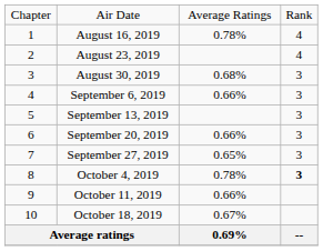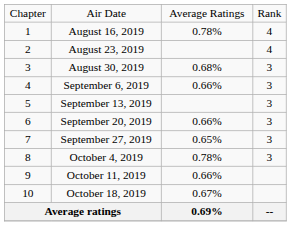 <table class="wikitable" style="text-align:center;width:45%;">
 <tr>
 <td>Chapter</td>
 <td>Air Date</td>
 <td>Average Ratings</td>
 <td>Rank</td>
 </tr>
 <tr>
 <td>1</td>
 <td>August 16, 2019</td>
 <td>0.78%</td>
 <td>4</td>
 </tr>
 <tr>
 <td>2</td>
 <td>August 23, 2019</td>
 <td><strong></strong></td>
 <td>4</td>
 </tr>
 <tr>
 <td>3</td>
 <td>August 30, 2019</td>
 <td>0.68%</td>
 <td>3</td>
 </tr>
 <tr>
 <td>4</td>
 <td>September 6, 2019</td>
 <td>0.66%</td>
 <td>3</td>
 </tr>
 <tr>
 <td>5</td>
 <td>September 13, 2019</td>
 <td><strong></strong></td>
 <td>3</td>
 </tr>
 <tr>
 <td>6</td>
 <td>September 20, 2019</td>
 <td>0.66%</td>
 <td>3</td>
 </tr>
 <tr>
 <td>7</td>
 <td>September 27, 2019</td>
 <td>0.65%</td>
 <td>3</td>
 </tr>
 <tr>
 <td>8</td>
 <td>October 4, 2019</td>
 <td>0.78%</td>
-<td><strong>3</strong></td>
+<td>3</td>
 </tr>
 <tr>
 <td>9</td>
 <td>October 11, 2019</td>
 <td>0.66%</td>
 <td></td>
 </tr>
 <tr>
 <td>10</td>
 <td>October 18, 2019</td>
 <td>0.67%</td>
 <td></td>
 </tr>
 <tr>
 <th colspan="2"><strong>Average ratings</strong></th>
 <th>0.69%</th>
 <th>--</th>
 </tr>
 <tr>
 </tr>
 </table>
